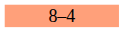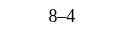 <table style="text-align:center">
 <tr>
 <th width=200></th>
 <th width=100></th>
 <th width=200></th>
 </tr>
 <tr>
 <td align=right><strong></strong></td>
-<td style="background: lightsalmon;">8–4</td>
+<td>8–4</td>
 <td align=left></td>
 </tr>
 </table>
